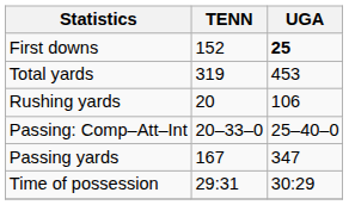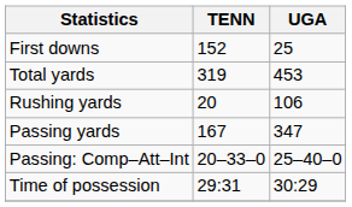 <table class="wikitable" style="float: left;">
 <tr>
 <th>Statistics</th>
 <th>TENN</th>
 <th>UGA</th>
 </tr>
 <tr>
 <td>First downs</td>
 <td>152</td>
-<td><strong>25</strong></td>
+<td>25</td>
 </tr>
 <tr>
 <td>Total yards</td>
 <td>319</td>
 <td>453</td>
 </tr>
 <tr>
 <td>Rushing yards</td>
 <td>20</td>
 <td>106</td>
 </tr>
 <tr>
+<td>Passing yards</td>
+<td>167</td>
+<td>347</td>
+</tr>
+<tr>
 <td>Passing: Comp–Att–Int</td>
 <td>20–33–0</td>
 <td>25–40–0</td>
-</tr>
-<tr>
-<td>Passing yards</td>
-<td>167</td>
-<td>347</td>
 </tr>
 <tr>
 <td>Time of possession</td>
 <td>29:31</td>
 <td>30:29</td>
 </tr>
 <tr>
 </tr>
 </table>
